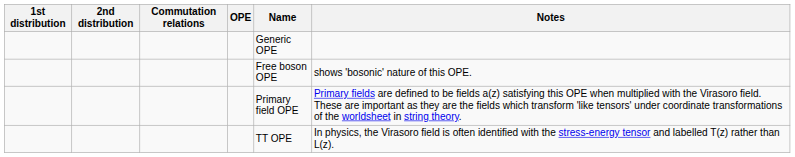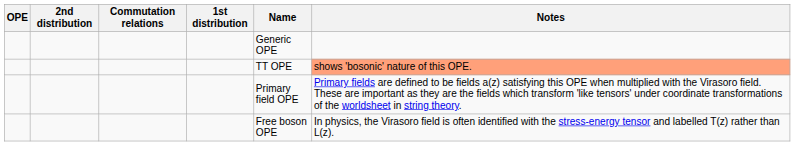 <table class="wikitable">
 <tr>
-<th>1st distribution</th>
+<th>OPE</th>
 <th>2nd distribution</th>
 <th>Commutation relations</th>
-<th>OPE</th>
+<th>1st distribution</th>
 <th>Name</th>
 <th>Notes</th>
 </tr>
 <tr>
 <td></td>
 <td></td>
 <td></td>
 <td></td>
 <td>Generic OPE</td>
 <td></td>
 </tr>
 <tr>
 <td></td>
 <td></td>
 <td></td>
 <td></td>
-<td>Free boson OPE</td>
-<td> shows 'bosonic' nature of this OPE.</td>
+<td>TT OPE</td>
+<td style="background: lightsalmon;"> shows 'bosonic' nature of this OPE.</td>
 </tr>
 <tr>
 <td></td>
 <td></td>
 <td></td>
 <td></td>
 <td>Primary field OPE</td>
 <td><a href='#'>Primary fields</a> are defined to be fields a(z) satisfying this OPE when multiplied with the Virasoro field. These are important as they are the fields which transform 'like tensors' under coordinate transformations of the <a href='#'>worldsheet</a> in <a href='#'>string theory</a>.</td>
 </tr>
 <tr>
 <td></td>
 <td></td>
 <td></td>
 <td></td>
-<td>TT OPE</td>
+<td>Free boson OPE</td>
 <td>In physics, the Virasoro field is often identified with the <a href='#'>stress-energy tensor</a> and labelled T(z) rather than L(z).</td>
 </tr>
 </table>
